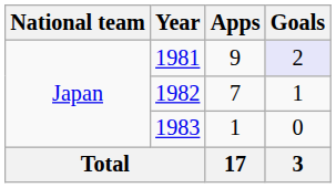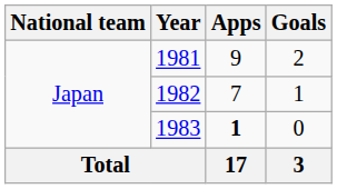 <table class="wikitable" style="text-align:center">
 <tr>
 <th>National team</th>
 <th>Year</th>
 <th>Apps</th>
 <th>Goals</th>
 </tr>
 <tr>
 <td rowspan="3"><a href='#'>Japan</a></td>
 <td><a href='#'>1981</a></td>
 <td>9</td>
-<td style="background: lavender;">2</td>
+<td>2</td>
 </tr>
 <tr>
 <td><a href='#'>1982</a></td>
 <td>7</td>
 <td>1</td>
 </tr>
 <tr>
 <td><a href='#'>1983</a></td>
-<td>1</td>
+<td><strong>1</strong></td>
 <td>0</td>
 </tr>
 <tr>
 <th colspan="2">Total</th>
 <th>17</th>
 <th>3</th>
 </tr>
 </table>
